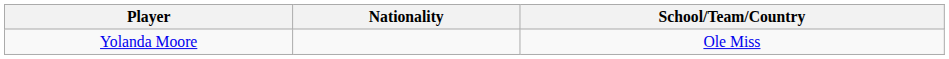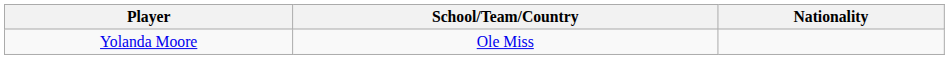 <table class="wikitable" style="text-align:center; width:60em">
 <tr>
 <th>Player</th>
+<th>School/Team/Country</th>
 <th>Nationality</th>
-<th>School/Team/Country</th>
 </tr>
 <tr>
 <td><a href='#'>Yolanda Moore</a></td>
+<td><a href='#'>Ole Miss</a></td>
 <td></td>
-<td><a href='#'>Ole Miss</a></td>
 </tr>
 </table>
